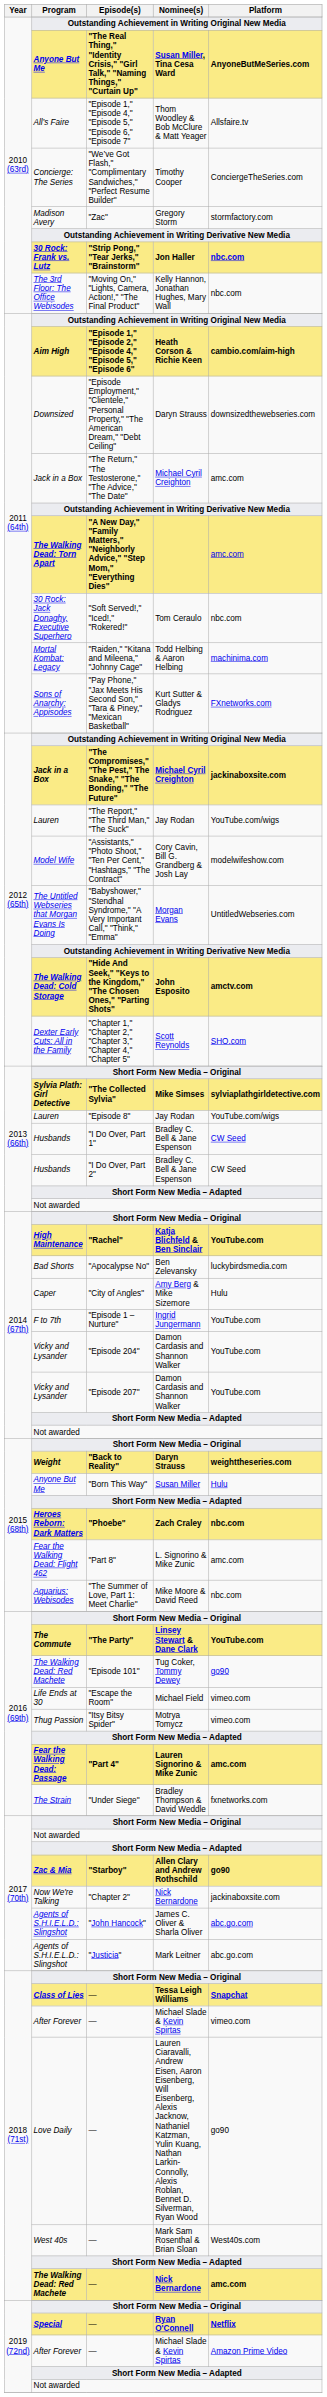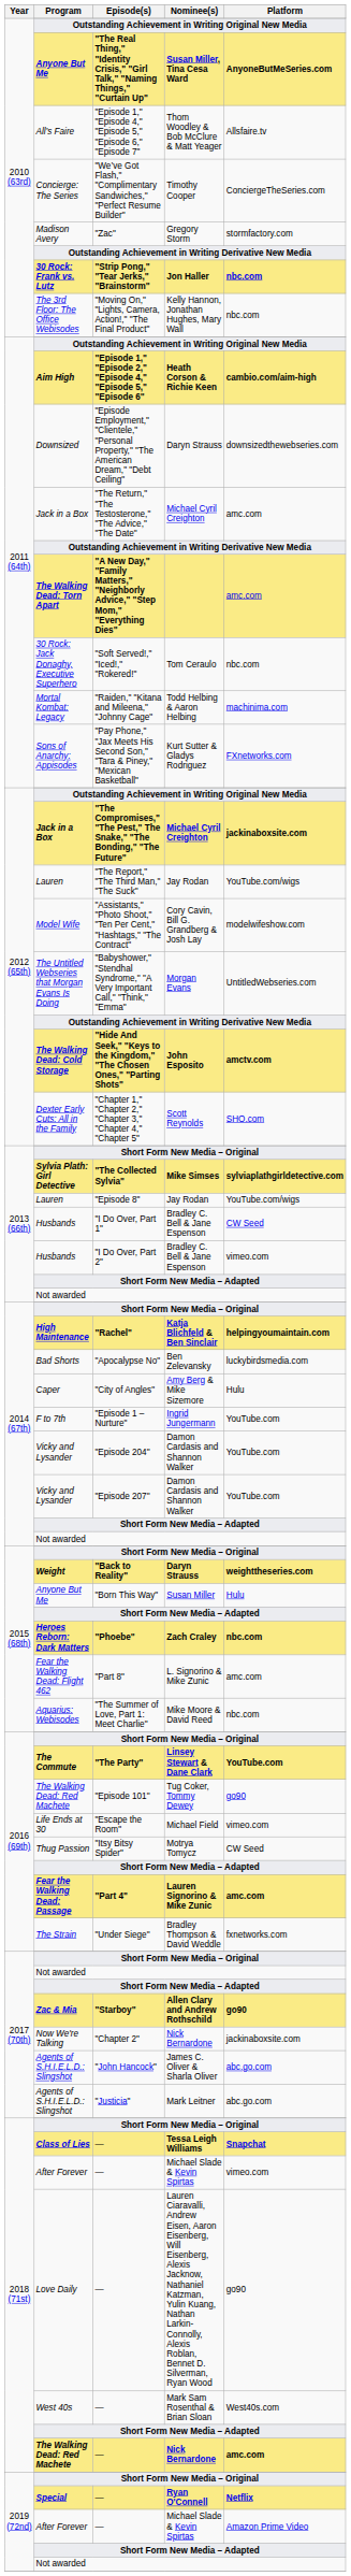 <table class="wikitable" style="width:100%">
 <tr bgcolor="#bebebe">
 <th width="3%">Year</th>
 <th width="20%">Program</th>
 <th width="25%">Episode(s)</th>
 <th width="27%">Nominee(s)</th>
 <th width="25%">Platform</th>
 </tr>
 <tr>
 <td rowspan=9 style="text-align:center">2010<br><a href='#'>(63rd)</a><br></td>
 </tr>
 <tr>
 <td colspan=4 style="text-align:center; background:#EBECF0"><strong>Outstanding Achievement in Writing Original New Media</strong></td>
 </tr>
 <tr style="background:#FAEB86">
 <td><strong><em><a href='#'>Anyone But Me</a></em></strong></td>
 <td><strong>"The Real Thing," "Identity Crisis," "Girl Talk," "Naming Things," "Curtain Up"</strong></td>
 <td><strong><a href='#'>Susan Miller</a>, Tina Cesa Ward</strong></td>
 <td><strong>AnyoneButMeSeries.com</strong></td>
 </tr>
 <tr>
 <td><em>All’s Faire</em></td>
 <td>"Episode 1," "Episode 4," "Episode 5," "Episode 6," "Episode 7"</td>
 <td>Thom Woodley & Bob McClure & Matt Yeager</td>
 <td>Allsfaire.tv</td>
 </tr>
 <tr>
 <td><em>Concierge: The Series</em></td>
 <td>"We’ve Got Flash," "Complimentary Sandwiches," "Perfect Resume Builder"</td>
 <td>Timothy Cooper</td>
 <td>ConciergeTheSeries.com</td>
 </tr>
 <tr>
 <td><em>Madison Avery</em></td>
 <td>"Zac"</td>
 <td>Gregory Storm</td>
 <td>stormfactory.com</td>
 </tr>
 <tr>
 <td colspan=4 style="text-align:center; background:#EBECF0"><strong>Outstanding Achievement in Writing Derivative New Media</strong></td>
 </tr>
 <tr style="background:#FAEB86">
 <td><strong><em><a href='#'>30 Rock: Frank vs. Lutz</a></em></strong></td>
 <td><strong>"Strip Pong," "Tear Jerks," "Brainstorm"</strong></td>
 <td><strong>Jon Haller</strong></td>
 <td><strong><a href='#'>nbc.com</a></strong></td>
 </tr>
 <tr>
 <td><em><a href='#'>The 3rd Floor: The Office Webisodes</a></em></td>
 <td>"Moving On," "Lights, Camera, Action!," "The Final Product"</td>
 <td>Kelly Hannon, Jonathan Hughes, Mary Wall</td>
 <td>nbc.com</td>
 </tr>
 <tr>
 <td rowspan=10 style="text-align:center">2011<br><a href='#'>(64th)</a><br></td>
 </tr>
 <tr>
 <td colspan=4 style="text-align:center; background:#EBECF0"><strong>Outstanding Achievement in Writing Original New Media</strong></td>
 </tr>
 <tr style="background:#FAEB86">
 <td><strong><em>Aim High</em></strong></td>
 <td><strong>"Episode 1," "Episode 2," "Episode 4," "Episode 5," "Episode 6"</strong></td>
 <td><strong>Heath Corson & Richie Keen</strong></td>
 <td><strong>cambio.com/aim-high</strong></td>
 </tr>
 <tr>
 <td><em>Downsized</em></td>
 <td>"Episode Employment," "Clientele," "Personal Property," "The American Dream," "Debt Ceiling"</td>
 <td>Daryn Strauss</td>
 <td>downsizedthewebseries.com</td>
 </tr>
 <tr>
 <td><em>Jack in a Box</em></td>
 <td>"The Return," "The Testosterone," "The Advice," "The Date"</td>
 <td><a href='#'>Michael Cyril Creighton</a></td>
 <td>amc.com</td>
 </tr>
 <tr>
 <td colspan=4 style="text-align:center; background:#EBECF0"><strong>Outstanding Achievement in Writing Derivative New Media</strong></td>
 </tr>
 <tr style="background:#FAEB86">
 <td><strong><em><a href='#'>The Walking Dead: Torn Apart</a></em></strong></td>
 <td><strong>"A New Day," "Family Matters," "Neighborly Advice," "Step Mom," "Everything Dies"</strong></td>
 <td></td>
 <td><a href='#'>amc.com</a></td>
 </tr>
 <tr>
 <td><em><a href='#'>30 Rock: Jack Donaghy, Executive Superhero</a></em></td>
 <td>"Soft Served!," "Iced!," "Rokered!"</td>
 <td>Tom Ceraulo</td>
 <td>nbc.com</td>
 </tr>
 <tr>
 <td><em><a href='#'>Mortal Kombat: Legacy</a></em></td>
 <td>"Raiden," "Kitana and Mileena," "Johnny Cage"</td>
 <td>Todd Helbing & Aaron Helbing</td>
 <td><a href='#'>machinima.com</a></td>
 </tr>
 <tr>
 <td><em><a href='#'>Sons of Anarchy: Appisodes</a></em></td>
 <td>"Pay Phone," "Jax Meets His Second Son," "Tara & Piney," "Mexican Basketball"</td>
 <td>Kurt Sutter & Gladys Rodriguez</td>
 <td><a href='#'>FXnetworks.com</a></td>
 </tr>
 <tr>
 <td rowspan=9 style="text-align:center">2012<br><a href='#'>(65th)</a><br></td>
 </tr>
 <tr>
 <td colspan=4 style="text-align:center; background:#EBECF0"><strong>Outstanding Achievement in Writing Original New Media</strong></td>
 </tr>
 <tr style="background:#FAEB86">
 <td><strong><em>Jack in a Box</em></strong></td>
 <td><strong>"The Compromises," "The Pest," The Snake," "The Bonding," "The Future"</strong></td>
 <td><strong><a href='#'>Michael Cyril Creighton</a></strong></td>
 <td><strong>jackinaboxsite.com</strong></td>
 </tr>
 <tr>
 <td><em>Lauren</em></td>
 <td>"The Report," "The Third Man," "The Suck"</td>
 <td>Jay Rodan</td>
 <td>YouTube.com/wigs</td>
 </tr>
 <tr>
 <td><em><a href='#'>Model Wife</a></em></td>
 <td>"Assistants," "Photo Shoot," "Ten Per Cent," "Hashtags," "The Contract"</td>
 <td>Cory Cavin, Bill G. Grandberg & Josh Lay</td>
 <td>modelwifeshow.com</td>
 </tr>
 <tr>
 <td><em><a href='#'> The Untitled Webseries that Morgan Evans Is Doing</a></em></td>
 <td>"Babyshower," "Stendhal Syndrome," "A Very Important Call," "Think," "Emma"</td>
 <td><a href='#'> Morgan Evans</a></td>
 <td>UntitledWebseries.com</td>
 </tr>
 <tr>
 <td colspan=4 style="text-align:center; background:#EBECF0"><strong>Outstanding Achievement in Writing Derivative New Media</strong></td>
 </tr>
 <tr style="background:#FAEB86">
 <td><strong><em><a href='#'>The Walking Dead: Cold Storage</a></em></strong></td>
 <td><strong>"Hide And Seek," "Keys to the Kingdom," "The Chosen Ones," "Parting Shots"</strong></td>
 <td><strong>John Esposito</strong></td>
 <td><strong>amctv.com</strong></td>
 </tr>
 <tr>
 <td><em><a href='#'>Dexter Early Cuts: All in the Family</a></em></td>
 <td>"Chapter 1," "Chapter 2," "Chapter 3," "Chapter 4," "Chapter 5"</td>
 <td><a href='#'>Scott Reynolds</a></td>
 <td><a href='#'>SHO.com</a></td>
 </tr>
 <tr>
 <td rowspan=8 style="text-align:center">2013<br><a href='#'>(66th)</a><br></td>
 </tr>
 <tr>
 <td colspan=4 style="text-align:center; background:#EBECF0"><strong>Short Form New Media – Original</strong></td>
 </tr>
 <tr style="background:#FAEB86">
 <td><strong><em>Sylvia Plath: Girl Detective</em></strong></td>
 <td><strong>"The Collected Sylvia"</strong></td>
 <td><strong>Mike Simses</strong></td>
 <td><strong>sylviaplathgirldetective.com</strong></td>
 </tr>
 <tr>
 <td><em>Lauren</em></td>
 <td>"Episode 8"</td>
 <td>Jay Rodan</td>
 <td>YouTube.com/wigs</td>
 </tr>
 <tr>
 <td><em>Husbands</em></td>
 <td>"I Do Over, Part 1"</td>
 <td>Bradley C. Bell & Jane Espenson</td>
 <td><a href='#'>CW Seed</a></td>
 </tr>
 <tr>
 <td><em>Husbands</em></td>
 <td>"I Do Over, Part 2"</td>
 <td>Bradley C. Bell & Jane Espenson</td>
-<td>CW Seed</td>
+<td>vimeo.com</td>
 </tr>
 <tr>
 <td colspan=4 style="text-align:center; background:#EBECF0"><strong>Short Form New Media – Adapted</strong></td>
 </tr>
 <tr>
 <td colspan=4>Not awarded</td>
 </tr>
 <tr>
 <td rowspan=10 style="text-align:center">2014<br><a href='#'>(67th)</a><br></td>
 </tr>
 <tr>
 <td colspan=4 style="text-align:center; background:#EBECF0"><strong>Short Form New Media – Original</strong></td>
 </tr>
 <tr style="background:#FAEB86">
 <td><strong><em><a href='#'>High Maintenance</a></em></strong></td>
 <td><strong>"Rachel"</strong></td>
 <td><strong><a href='#'>Katja Blichfeld</a> & <a href='#'>Ben Sinclair</a></strong></td>
-<td><strong>YouTube.com</strong></td>
+<td><strong>helpingyoumaintain.com</strong></td>
 </tr>
 <tr>
 <td><em>Bad Shorts</em></td>
 <td>"Apocalypse No"</td>
 <td>Ben Zelevansky</td>
 <td>luckybirdsmedia.com</td>
 </tr>
 <tr>
 <td><em>Caper</em></td>
 <td>"City of Angles"</td>
 <td><a href='#'>Amy Berg</a> & Mike Sizemore</td>
 <td>Hulu</td>
 </tr>
 <tr>
 <td><em>F to 7th</em></td>
 <td>"Episode 1 – Nurture"</td>
 <td><a href='#'>Ingrid Jungermann</a></td>
 <td>YouTube.com</td>
 </tr>
 <tr>
 <td><em>Vicky and Lysander</em></td>
 <td>"Episode 204"</td>
 <td>Damon Cardasis and Shannon Walker</td>
 <td>YouTube.com</td>
 </tr>
 <tr>
 <td><em>Vicky and Lysander</em></td>
 <td>"Episode 207"</td>
 <td>Damon Cardasis and Shannon Walker</td>
 <td>YouTube.com</td>
 </tr>
 <tr>
 <td colspan=4 style="text-align:center; background:#EBECF0"><strong>Short Form New Media – Adapted</strong></td>
 </tr>
 <tr>
 <td colspan=4>Not awarded</td>
 </tr>
 <tr>
 <td rowspan=8 style="text-align:center">2015<br><a href='#'>(68th)</a><br></td>
 </tr>
 <tr>
 <td colspan=4 style="text-align:center; background:#EBECF0"><strong>Short Form New Media – Original</strong></td>
 </tr>
 <tr style="background:#FAEB86">
 <td><strong><em>Weight</em></strong></td>
 <td><strong>"Back to Reality"</strong></td>
 <td><strong>Daryn Strauss</strong></td>
 <td><strong>weighttheseries.com</strong></td>
 </tr>
 <tr>
 <td><em><a href='#'>Anyone But Me</a></em></td>
 <td>"Born This Way"</td>
 <td><a href='#'>Susan Miller</a></td>
 <td><a href='#'>Hulu</a></td>
 </tr>
 <tr>
 <td colspan=4 style="text-align:center; background:#EBECF0"><strong>Short Form New Media – Adapted</strong></td>
 </tr>
 <tr style="background:#FAEB86">
 <td><strong><em><a href='#'>Heroes Reborn: Dark Matters</a></em></strong></td>
 <td><strong>"Phoebe"</strong></td>
 <td><strong>Zach Craley</strong></td>
 <td><strong>nbc.com</strong></td>
 </tr>
 <tr>
 <td><em><a href='#'>Fear the Walking Dead: Flight 462</a></em></td>
 <td>"Part 8"</td>
 <td>L. Signorino & Mike Zunic</td>
 <td>amc.com</td>
 </tr>
 <tr>
 <td><em><a href='#'>Aquarius: Webisodes</a></em></td>
 <td>"The Summer of Love, Part 1: Meet Charlie"</td>
 <td>Mike Moore & David Reed</td>
 <td>nbc.com</td>
 </tr>
 <tr>
 <td rowspan=9 style="text-align:center">2016<br><a href='#'>(69th)</a><br></td>
 </tr>
 <tr>
 <td colspan=4 style="text-align:center; background:#EBECF0"><strong>Short Form New Media – Original</strong></td>
 </tr>
 <tr style="background:#FAEB86">
 <td><strong><em>The Commute</em></strong></td>
 <td><strong>"The Party"</strong></td>
 <td><strong><a href='#'>Linsey Stewart</a> & <a href='#'>Dane Clark</a></strong></td>
 <td><strong>YouTube.com</strong></td>
 </tr>
 <tr>
 <td><em><a href='#'>The Walking Dead: Red Machete</a></em></td>
 <td>"Episode 101"</td>
 <td>Tug Coker, <a href='#'>Tommy Dewey</a></td>
 <td><a href='#'>go90</a></td>
 </tr>
 <tr>
 <td><em>Life Ends at 30</em></td>
 <td>"Escape the Room"</td>
 <td>Michael Field</td>
 <td>vimeo.com</td>
 </tr>
 <tr>
 <td><em>Thug Passion</em></td>
 <td>"Itsy Bitsy Spider"</td>
 <td>Motrya Tomycz</td>
-<td>vimeo.com</td>
+<td>CW Seed</td>
 </tr>
 <tr>
 <td colspan=4 style="text-align:center; background:#EBECF0"><strong>Short Form New Media – Adapted</strong></td>
 </tr>
 <tr style="background:#FAEB86">
 <td><strong><em><a href='#'>Fear the Walking Dead: Passage</a></em></strong></td>
 <td><strong>"Part 4"</strong></td>
 <td><strong>Lauren Signorino & Mike Zunic</strong></td>
 <td><strong>amc.com</strong></td>
 </tr>
 <tr>
 <td><em><a href='#'>The Strain</a></em></td>
 <td>"Under Siege"</td>
 <td>Bradley Thompson & David Weddle</td>
 <td>fxnetworks.com</td>
 </tr>
 <tr>
 <td rowspan=8 style="text-align:center">2017<br><a href='#'>(70th)</a><br></td>
 </tr>
 <tr>
 <td colspan=4 style="text-align:center; background:#EBECF0"><strong>Short Form New Media – Original</strong></td>
 </tr>
 <tr>
 <td colspan=4>Not awarded</td>
 </tr>
 <tr>
 <td colspan=4 style="text-align:center; background:#EBECF0"><strong>Short Form New Media – Adapted</strong></td>
 </tr>
 <tr style="background:#FAEB86">
 <td><strong><em><a href='#'>Zac & Mia</a></em></strong></td>
 <td><strong>"Starboy"</strong></td>
 <td><strong>Allen Clary and Andrew Rothschild</strong></td>
 <td><strong>go90</strong></td>
 </tr>
 <tr>
 <td><em>Now We're Talking</em></td>
 <td>"Chapter 2"</td>
 <td><a href='#'>Nick Bernardone</a></td>
 <td>jackinaboxsite.com</td>
 </tr>
 <tr>
 <td><em><a href='#'>Agents of S.H.I.E.L.D.: Slingshot</a></em></td>
 <td>"<a href='#'>John Hancock</a>"</td>
 <td>James C. Oliver & Sharla Oliver</td>
 <td><a href='#'>abc.go.com</a></td>
 </tr>
 <tr>
 <td><em>Agents of S.H.I.E.L.D.: Slingshot</em></td>
 <td>"<a href='#'>Justicia</a>"</td>
 <td>Mark Leitner</td>
 <td>abc.go.com</td>
 </tr>
 <tr>
 <td rowspan=8 style="text-align:center">2018<br><a href='#'>(71st)</a><br></td>
 </tr>
 <tr>
 <td colspan=4 style="text-align:center; background:#EBECF0"><strong>Short Form New Media – Original</strong></td>
 </tr>
 <tr style="background:#FAEB86">
 <td><strong><em><a href='#'>Class of Lies</a></em></strong></td>
 <td>—</td>
 <td><strong>Tessa Leigh Williams</strong></td>
 <td><strong><a href='#'>Snapchat</a></strong></td>
 </tr>
 <tr>
 <td><em>After Forever</em></td>
 <td>—</td>
 <td>Michael Slade & <a href='#'>Kevin Spirtas</a></td>
 <td>vimeo.com</td>
 </tr>
 <tr>
 <td><em>Love Daily</em></td>
 <td>—</td>
 <td>Lauren Ciaravalli, Andrew Eisen, Aaron Eisenberg, Will Eisenberg, Alexis Jacknow, Nathaniel Katzman, Yulin Kuang, Nathan Larkin-Connolly, Alexis Roblan, Bennet D. Silverman, Ryan Wood</td>
 <td>go90</td>
 </tr>
 <tr>
 <td><em>West 40s</em></td>
 <td>—</td>
 <td>Mark Sam Rosenthal & Brian Sloan</td>
 <td>West40s.com</td>
 </tr>
 <tr>
 <td colspan=4 style="text-align:center; background:#EBECF0"><strong>Short Form New Media – Adapted</strong></td>
 </tr>
 <tr style="background:#FAEB86">
 <td><strong><em>The Walking Dead: Red Machete</em></strong></td>
 <td>—</td>
 <td><strong><a href='#'>Nick Bernardone</a></strong></td>
 <td><strong>amc.com</strong></td>
 </tr>
 <tr>
 <td rowspan=6 style="text-align:center">2019<br><a href='#'>(72nd)</a><br></td>
 </tr>
 <tr>
 <td colspan=4 style="text-align:center; background:#EBECF0"><strong>Short Form New Media – Original</strong></td>
 </tr>
 <tr style="background:#FAEB86">
 <td><strong><em><a href='#'>Special</a></em></strong></td>
 <td>—</td>
 <td><strong><a href='#'>Ryan O'Connell</a></strong></td>
 <td><strong><a href='#'>Netflix</a></strong></td>
 </tr>
 <tr>
 <td><em>After Forever</em></td>
 <td>—</td>
 <td>Michael Slade & <a href='#'>Kevin Spirtas</a></td>
 <td><a href='#'>Amazon Prime Video</a></td>
 </tr>
 <tr>
 <td colspan=4 style="text-align:center; background:#EBECF0"><strong>Short Form New Media – Adapted</strong></td>
 </tr>
 <tr>
 <td colspan=4>Not awarded</td>
 </tr>
 <tr>
 </tr>
 </table>
